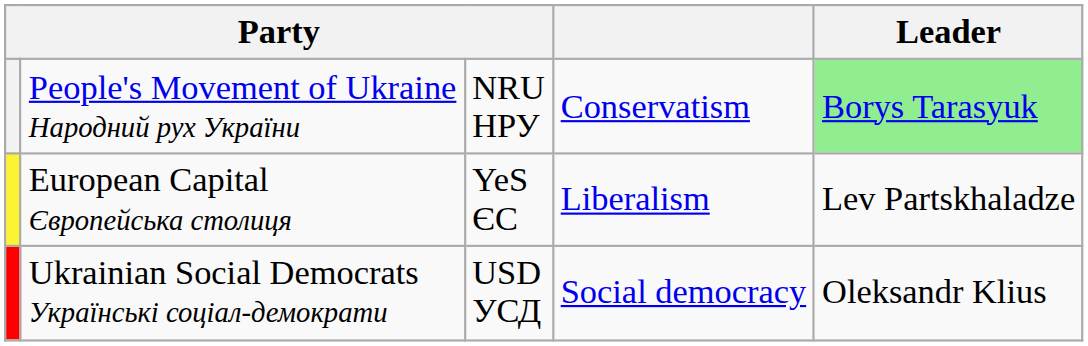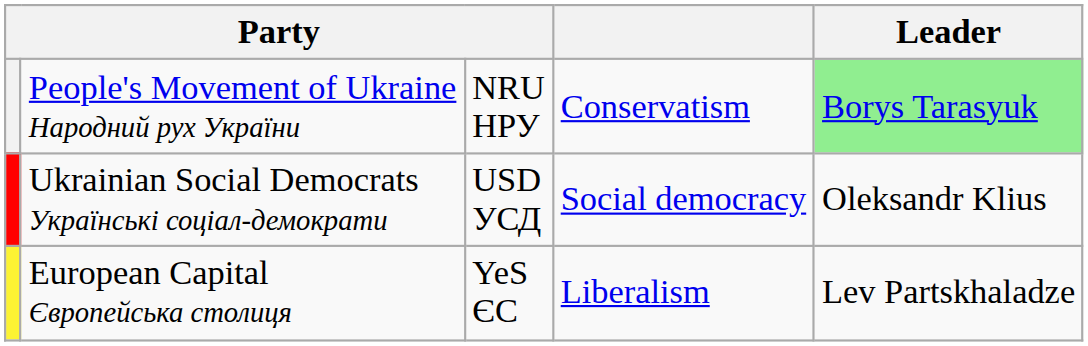 <table class="wikitable">
 <tr>
 <th colspan="3">Party</th>
 <th></th>
 <th>Leader</th>
 </tr>
 <tr>
 <th style="background-color:"></th>
 <td><a href='#'>People's Movement of Ukraine</a><br><em><small>Народний рух України</small></em></td>
 <td>NRU<br>НРУ</td>
 <td><a href='#'>Conservatism</a></td>
 <td style="background: lightgreen;"><a href='#'>Borys Tarasyuk</a></td>
 </tr>
 <tr>
+<th style="background-color:red;"></th>
+<td>Ukrainian Social Democrats<br><em><small>Українські соціал-демократи</small></em></td>
+<td>USD<br>УСД</td>
+<td><a href='#'>Social democracy</a></td>
+<td>Oleksandr Klius</td>
+</tr>
+<tr>
 <th style="background-color:#FCF333;"></th>
 <td>European Capital<br><em><small>Європейська столиця</small></em></td>
 <td>YeS<br>ЄС</td>
 <td><a href='#'>Liberalism</a></td>
 <td>Lev Partskhaladze</td>
 </tr>
-<tr>
-<th style="background-color:red;"></th>
-<td>Ukrainian Social Democrats<br><em><small>Українські соціал-демократи</small></em></td>
-<td>USD<br>УСД</td>
-<td><a href='#'>Social democracy</a></td>
-<td>Oleksandr Klius</td>
-</tr>
 </table>
